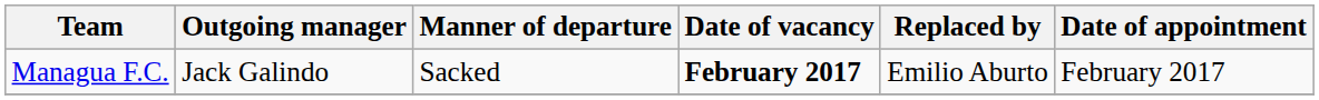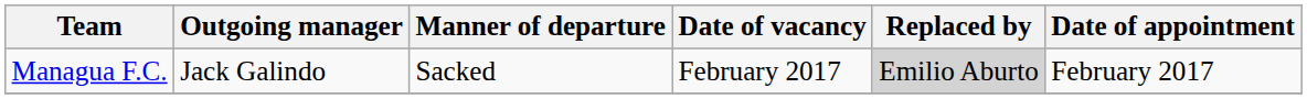 <table class="wikitable">
 <tr>
 <th>Team</th>
 <th>Outgoing manager</th>
 <th>Manner of departure</th>
 <th>Date of vacancy</th>
 <th>Replaced by</th>
 <th>Date of appointment</th>
 </tr>
 <tr>
 <td><a href='#'>Managua F.C.</a></td>
 <td> Jack Galindo</td>
 <td>Sacked</td>
-<td><strong>February 2017</strong></td>
-<td> Emilio Aburto</td>
+<td>February 2017</td>
+<td style="background: lightgrey;"> Emilio Aburto</td>
 <td>February 2017</td>
 </tr>
 <tr>
 </tr>
 </table>
